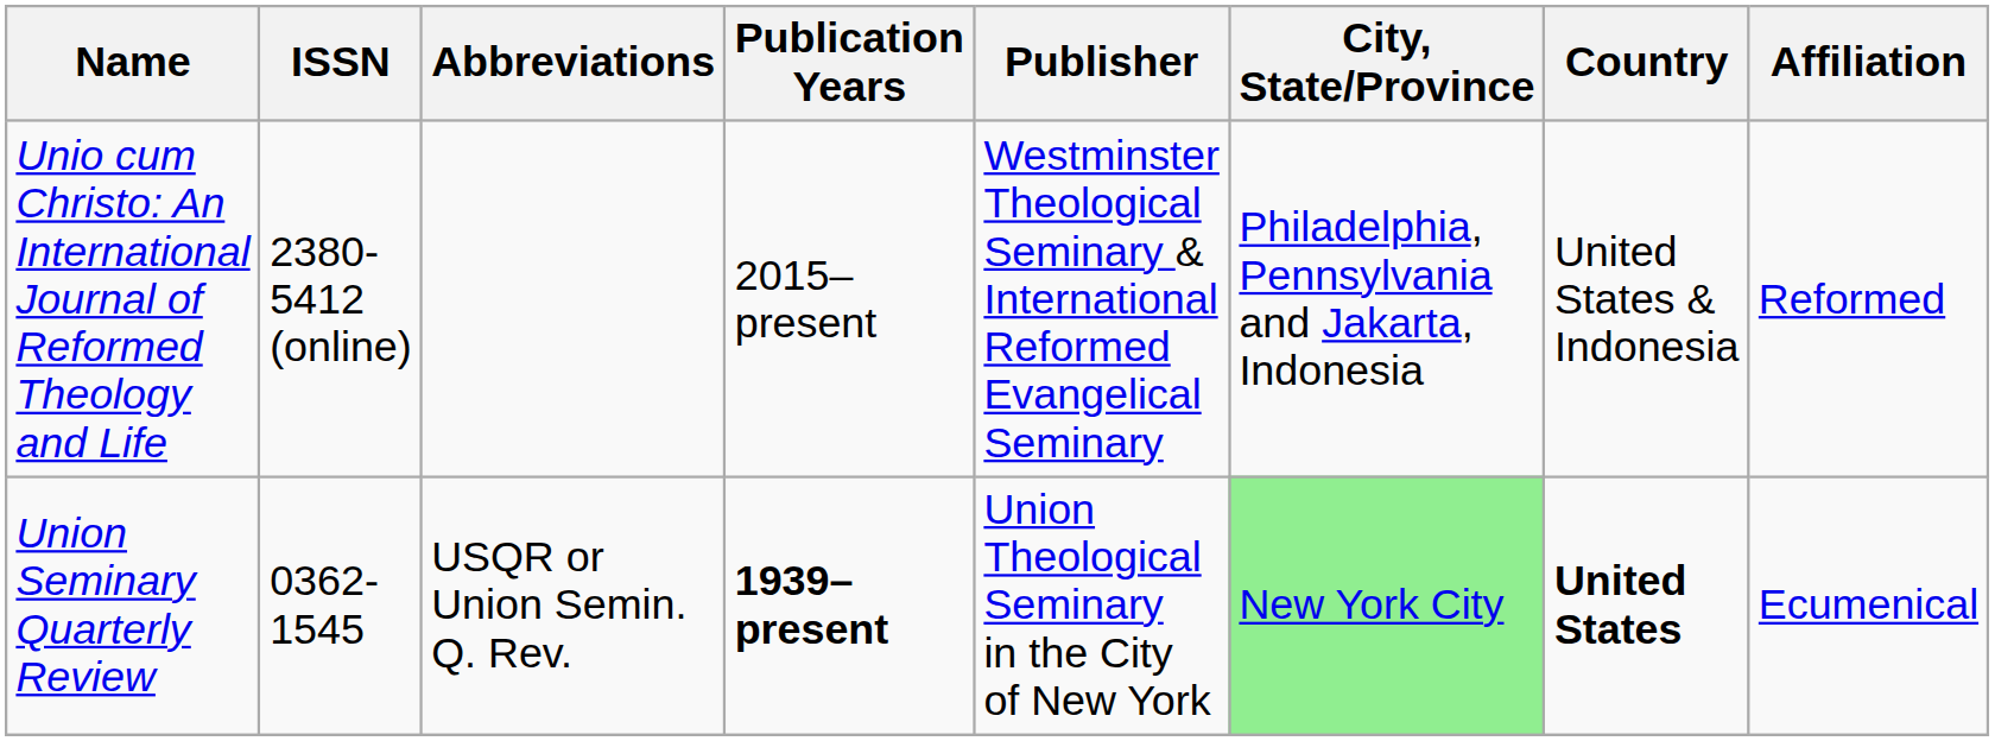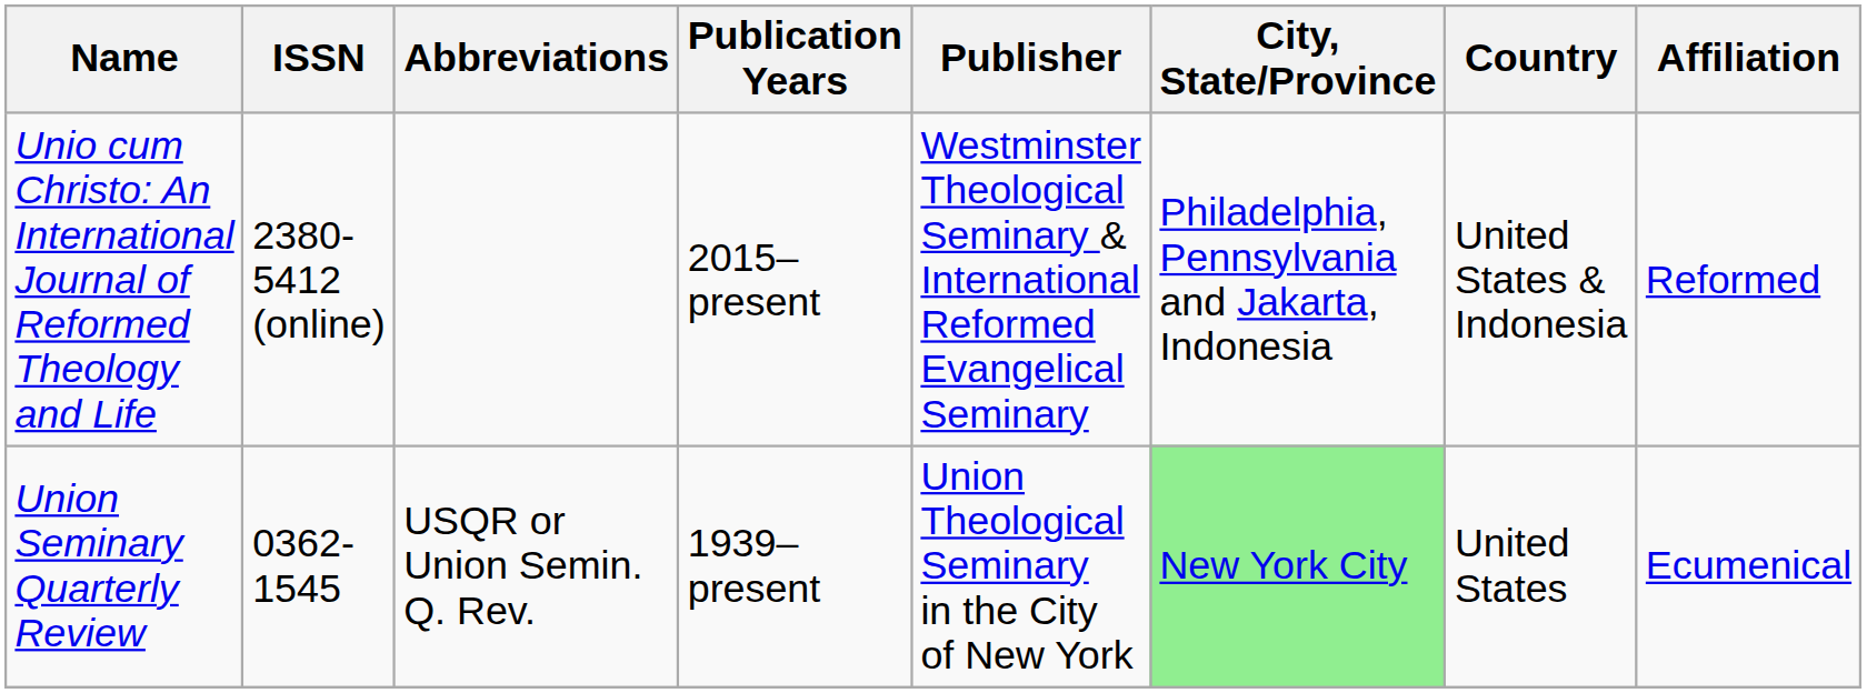 <table class="wikitable sortable" style="width: 100%;">
 <tr>
 <th>Name</th>
 <th>ISSN</th>
 <th>Abbreviations</th>
 <th>Publication Years</th>
 <th>Publisher</th>
 <th>City, State/Province</th>
 <th>Country</th>
 <th>Affiliation</th>
 </tr>
 <tr>
 <td><em><a href='#'>Unio cum Christo: An International Journal of Reformed Theology and Life</a></em></td>
 <td>2380-5412 (online)</td>
 <td></td>
 <td>2015–present</td>
 <td><a href='#'>Westminster Theological Seminary </a> & <a href='#'>International Reformed Evangelical Seminary</a></td>
 <td><a href='#'>Philadelphia</a>, <a href='#'>Pennsylvania</a> and <a href='#'>Jakarta</a>, Indonesia</td>
 <td>United States & Indonesia</td>
 <td><a href='#'>Reformed</a></td>
 </tr>
 <tr>
 <td><em><a href='#'>Union Seminary Quarterly Review</a></em></td>
 <td>0362-1545</td>
 <td>USQR or<br>Union Semin. Q. Rev.</td>
-<td><strong>1939–present</strong></td>
+<td>1939–present</td>
 <td><a href='#'>Union Theological Seminary</a><br>in the City of New York</td>
 <td style="background: lightgreen;"><a href='#'>New York City</a></td>
-<td><strong>United States</strong></td>
+<td>United States</td>
 <td><a href='#'>Ecumenical</a></td>
 </tr>
 <tr>
 </tr>
 </table>
